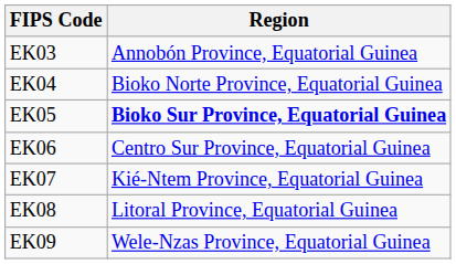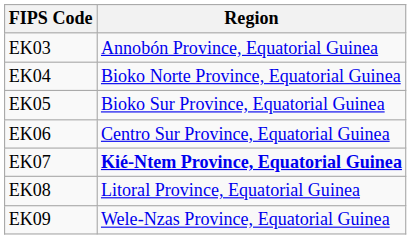 <table class="wikitable">
 <tr>
 <th>FIPS Code</th>
 <th>Region</th>
 </tr>
 <tr>
 <td>EK03</td>
 <td><a href='#'>Annobón Province, Equatorial Guinea</a></td>
 </tr>
 <tr>
 <td>EK04</td>
 <td><a href='#'>Bioko Norte Province, Equatorial Guinea</a></td>
 </tr>
 <tr>
 <td>EK05</td>
-<td><strong><a href='#'>Bioko Sur Province, Equatorial Guinea</a></strong></td>
+<td><a href='#'>Bioko Sur Province, Equatorial Guinea</a></td>
 </tr>
 <tr>
 <td>EK06</td>
 <td><a href='#'>Centro Sur Province, Equatorial Guinea</a></td>
 </tr>
 <tr>
 <td>EK07</td>
-<td><a href='#'>Kié-Ntem Province, Equatorial Guinea</a></td>
+<td><strong><a href='#'>Kié-Ntem Province, Equatorial Guinea</a></strong></td>
 </tr>
 <tr>
 <td>EK08</td>
 <td><a href='#'>Litoral Province, Equatorial Guinea</a></td>
 </tr>
 <tr>
 <td>EK09</td>
 <td><a href='#'>Wele-Nzas Province, Equatorial Guinea</a></td>
 </tr>
 </table>
